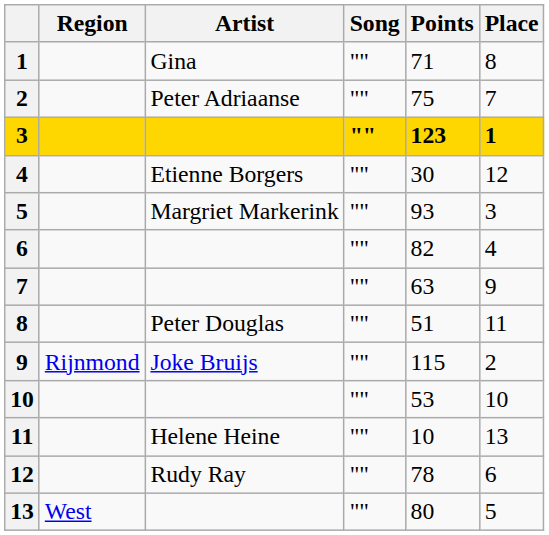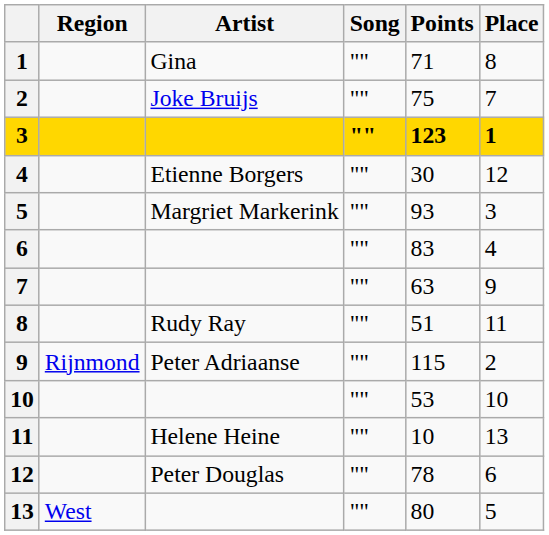 <table class="wikitable plainrowheaders sortable">
 <tr>
 <th scope="col"></th>
 <th scope="col">Region</th>
 <th scope="col">Artist</th>
 <th scope="col">Song</th>
 <th scope="col">Points</th>
 <th scope="col">Place</th>
 </tr>
 <tr>
 <th scope="row" style="text-align:center;">1</th>
 <td scope="row"></td>
 <td>Gina</td>
 <td>""</td>
 <td>71</td>
 <td>8</td>
 </tr>
 <tr>
 <th scope="row" style="text-align:center;">2</th>
 <td></td>
-<td>Peter Adriaanse</td>
+<td><a href='#'>Joke Bruijs</a></td>
 <td>""</td>
 <td>75</td>
 <td>7</td>
 </tr>
 <tr style="font-weight:bold; background:gold;">
 <th scope="row" style="text-align:center; font-weight:bold; background:gold;">3</th>
 <td></td>
 <td></td>
 <td>""</td>
 <td>123</td>
 <td>1</td>
 </tr>
 <tr>
 <th scope="row" style="text-align:center;">4</th>
 <td scope="row"></td>
 <td>Etienne Borgers</td>
 <td>""</td>
 <td>30</td>
 <td>12</td>
 </tr>
 <tr>
 <th scope="row" style="text-align:center;">5</th>
 <td scope="row"></td>
 <td>Margriet Markerink</td>
 <td>""</td>
 <td>93</td>
 <td>3</td>
 </tr>
 <tr>
 <th scope="row" style="text-align:center;">6</th>
 <td scope="row"></td>
 <td></td>
 <td>""</td>
-<td>82</td>
+<td>83</td>
 <td>4</td>
 </tr>
 <tr>
 <th scope="row" style="text-align:center;">7</th>
 <td scope="row"></td>
 <td></td>
 <td>""</td>
 <td>63</td>
 <td>9</td>
 </tr>
 <tr>
 <th scope="row" style="text-align:center;">8</th>
 <td scope="row"></td>
-<td>Peter Douglas</td>
+<td>Rudy Ray</td>
 <td>""</td>
 <td>51</td>
 <td>11</td>
 </tr>
 <tr>
 <th scope="row" style="text-align:center;">9</th>
 <td scope="row"> <a href='#'>Rijnmond</a></td>
-<td><a href='#'>Joke Bruijs</a></td>
+<td>Peter Adriaanse</td>
 <td>""</td>
 <td>115</td>
 <td>2</td>
 </tr>
 <tr>
 <th scope="row" style="text-align:center;">10</th>
 <td scope="row"></td>
 <td></td>
 <td>""</td>
 <td>53</td>
 <td>10</td>
 </tr>
 <tr>
 <th scope="row" style="text-align:center;">11</th>
 <td scope="row"></td>
 <td>Helene Heine</td>
 <td>""</td>
 <td>10</td>
 <td>13</td>
 </tr>
 <tr>
 <th scope="row" style="text-align:center;">12</th>
 <td scope="row"></td>
-<td>Rudy Ray</td>
+<td>Peter Douglas</td>
 <td>""</td>
 <td>78</td>
 <td>6</td>
 </tr>
 <tr>
 <th scope="row" style="text-align:center;">13</th>
 <td scope="row"> <a href='#'>West</a></td>
 <td></td>
 <td>""</td>
 <td>80</td>
 <td>5</td>
 </tr>
 </table>
